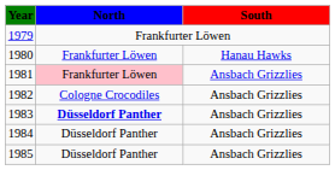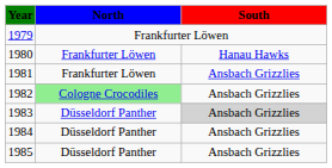 <table class="wikitable" style="text-align:center">
 <tr>
 <td style="background:green"><strong>Year</strong></td>
 <td width="180" style="background:blue"><strong>North</strong></td>
 <td width="180" style="background:red"><strong>South</strong></td>
 </tr>
 <tr>
 <td><a href='#'>1979</a></td>
 <td colspan=2>Frankfurter Löwen</td>
 </tr>
 <tr>
 <td>1980</td>
 <td><a href='#'>Frankfurter Löwen</a></td>
 <td><a href='#'>Hanau Hawks</a></td>
 </tr>
 <tr>
 <td>1981</td>
-<td style="background: pink;">Frankfurter Löwen</td>
+<td>Frankfurter Löwen</td>
 <td><a href='#'>Ansbach Grizzlies</a></td>
 </tr>
 <tr>
 <td>1982</td>
-<td><a href='#'>Cologne Crocodiles</a></td>
+<td style="background: lightgreen;"><a href='#'>Cologne Crocodiles</a></td>
 <td>Ansbach Grizzlies</td>
 </tr>
 <tr>
 <td>1983</td>
-<td><strong><a href='#'>Düsseldorf Panther</a></strong></td>
-<td>Ansbach Grizzlies</td>
+<td><a href='#'>Düsseldorf Panther</a></td>
+<td style="background: lightgrey;">Ansbach Grizzlies</td>
 </tr>
 <tr>
 <td>1984</td>
 <td>Düsseldorf Panther</td>
 <td>Ansbach Grizzlies</td>
 </tr>
 <tr>
 <td>1985</td>
 <td>Düsseldorf Panther</td>
 <td>Ansbach Grizzlies</td>
 </tr>
 </table>
